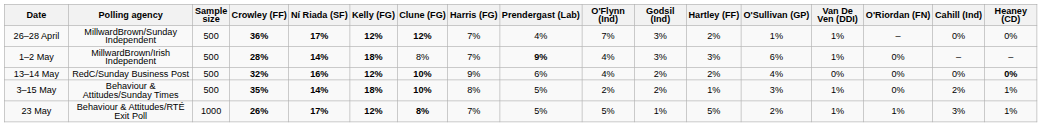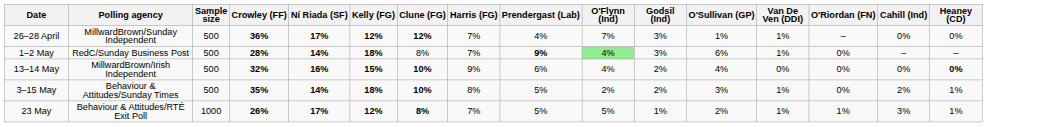 <table class="wikitable sortable" style="text-align:center;font-size:95%;line-height:14px">
 <tr>
 <th ! style="width:100px;">Date</th>
 <th ! style="width:200px;">Polling agency</th>
 <th ! class="unsortable" style="width:50px;">Sample size</th>
 <th ! class="unsortable" style="background:">Crowley (FF)</th>
 <th ! class="unsortable" style="background:"><span>Ní Riada (SF)</span></th>
 <th ! class="unsortable" style="background:">Kelly (FG)</th>
 <th ! class="unsortable" style="background:">Clune (FG)</th>
 <th ! class="unsortable" style="background:">Harris (FG)</th>
 <th ! class="unsortable" style="background:"><span>Prendergast (Lab)</span></th>
 <th ! class="unsortable" style="width:80px;">O'Flynn (Ind)</th>
 <th ! class="unsortable" style="width:80px;">Godsil (Ind)</th>
-<th ! class="unsortable" style="background:">Hartley (FF)</th>
 <th ! class="unsortable" style="background:">O'Sullivan (GP)</th>
 <th ! class="unsortable" style="width:80px;">Van De Ven (DDI)</th>
 <th ! class="unsortable" style="background:">O'Riordan (FN)</th>
 <th ! class="unsortable" style="width:80px;">Cahill (Ind)</th>
 <th ! class="unsortable" style="width:80px;">Heaney (CD)</th>
 </tr>
 <tr>
 <td data-sort-value="2014-04-28">26–28 April</td>
 <td>MillwardBrown/Sunday Independent</td>
 <td>500</td>
 <td><strong>36%</strong></td>
 <td><strong>17%</strong></td>
 <td><strong>12%</strong></td>
 <td><strong>12%</strong></td>
 <td>7%</td>
 <td>4%</td>
 <td>7%</td>
 <td>3%</td>
-<td>2%</td>
 <td>1%</td>
 <td>1%</td>
 <td>–</td>
 <td>0%</td>
 <td>0%</td>
 </tr>
 <tr>
 <td data-sort-value="2014-04-16">1–2 May</td>
-<td>MillwardBrown/Irish Independent</td>
+<td>RedC/Sunday Business Post</td>
 <td>500</td>
 <td><strong>28%</strong></td>
 <td><strong>14%</strong></td>
 <td><strong>18%</strong></td>
 <td>8%</td>
 <td>7%</td>
 <td><strong>9%</strong></td>
-<td>4%</td>
-<td>3%</td>
+<td style="background: lightgreen;">4%</td>
 <td>3%</td>
 <td>6%</td>
 <td>1%</td>
 <td>0%</td>
 <td>–</td>
 <td>–</td>
 </tr>
 <tr>
 <td data-sort-value="2014-05-17">13–14 May</td>
-<td>RedC/Sunday Business Post</td>
+<td>MillwardBrown/Irish Independent</td>
 <td>500</td>
 <td><strong>32%</strong></td>
 <td><strong>16%</strong></td>
-<td><strong>12%</strong></td>
+<td><strong>15%</strong></td>
 <td><strong>10%</strong></td>
 <td>9%</td>
 <td>6%</td>
 <td>4%</td>
-<td>2%</td>
 <td>2%</td>
 <td>4%</td>
 <td>0%</td>
 <td>0%</td>
 <td>0%</td>
 <td><strong>0%</strong></td>
 </tr>
 <tr>
 <td data-sort-value="2014-05-17">3–15 May</td>
 <td>Behaviour & Attitudes/Sunday Times</td>
 <td>500</td>
 <td><strong>35%</strong></td>
 <td><strong>14%</strong></td>
 <td><strong>18%</strong></td>
 <td><strong>10%</strong></td>
 <td>8%</td>
 <td>5%</td>
 <td>2%</td>
 <td>2%</td>
-<td>1%</td>
 <td>3%</td>
 <td>1%</td>
 <td>0%</td>
 <td>2%</td>
 <td>1%</td>
 </tr>
 <tr>
 <td data-sort-value="2014-05-17">23 May</td>
 <td>Behaviour & Attitudes/RTÉ Exit Poll</td>
 <td>1000</td>
 <td><strong>26%</strong></td>
 <td><strong>17%</strong></td>
 <td><strong>12%</strong></td>
 <td><strong>8%</strong></td>
 <td>7%</td>
 <td>5%</td>
 <td>5%</td>
 <td>1%</td>
-<td>5%</td>
 <td>2%</td>
 <td>1%</td>
 <td>1%</td>
 <td>3%</td>
 <td>1%</td>
 </tr>
 </table>
